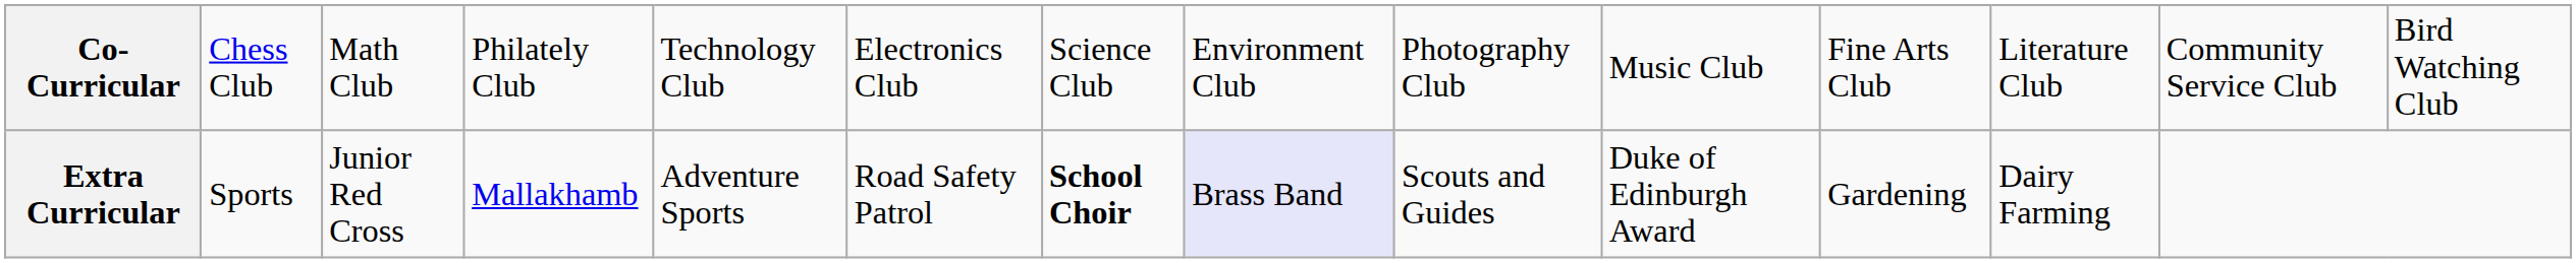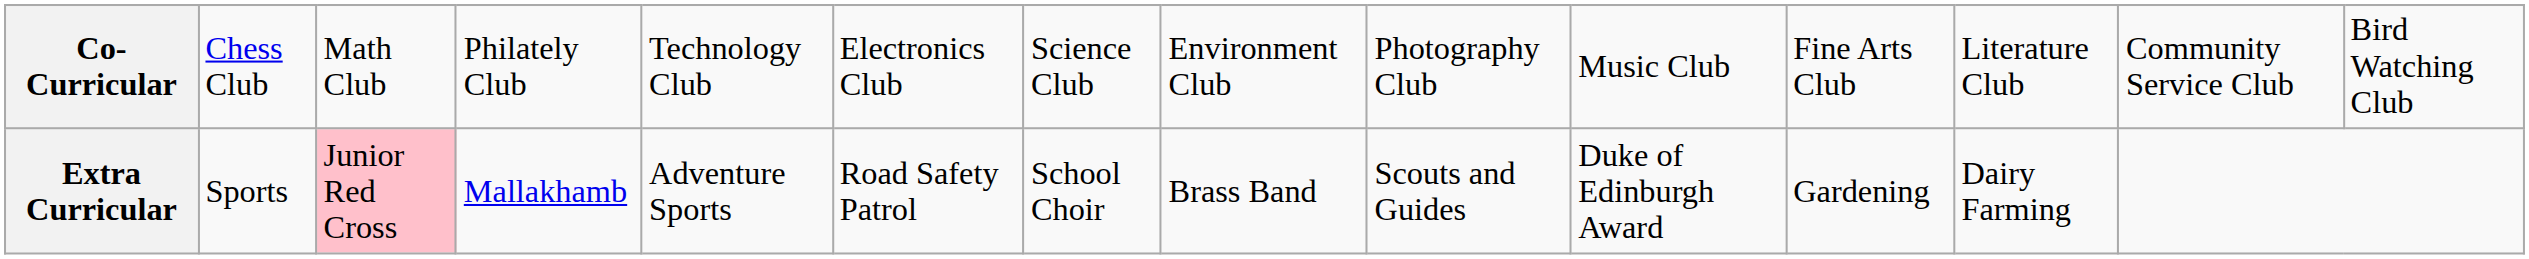 <table class="wikitable">
 <tr>
 <th>Co-Curricular</th>
 <td><a href='#'>Chess</a> Club</td>
 <td>Math Club</td>
 <td>Philately Club</td>
 <td>Technology Club</td>
 <td>Electronics Club</td>
 <td>Science  Club</td>
 <td>Environment Club</td>
 <td>Photography Club</td>
 <td>Music Club</td>
 <td>Fine Arts Club</td>
 <td>Literature Club</td>
 <td>Community Service Club</td>
 <td>Bird Watching Club</td>
 </tr>
 <tr>
 <th>Extra Curricular</th>
 <td>Sports</td>
-<td>Junior Red Cross</td>
+<td style="background: pink;">Junior Red Cross</td>
 <td><a href='#'>Mallakhamb</a></td>
 <td>Adventure Sports</td>
 <td>Road Safety Patrol</td>
-<td><strong>School Choir</strong></td>
-<td style="background: lavender;">Brass Band</td>
+<td>School Choir</td>
+<td>Brass Band</td>
 <td>Scouts and Guides</td>
 <td>Duke of Edinburgh Award</td>
 <td>Gardening</td>
 <td>Dairy Farming</td>
 </tr>
 </table>
